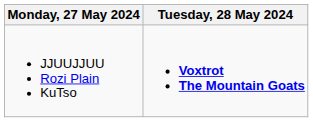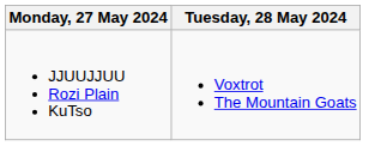 <table class="wikitable">
 <tr>
 <th>Monday, 27 May 2024</th>
 <th>Tuesday, 28 May 2024</th>
 </tr>
 <tr>
 <td><br><ul><li>JJUUJJUU</li><li><a href='#'>Rozi Plain</a></li><li>KuTso</li></ul></td>
-<td><strong><br><ul><li><a href='#'>Voxtrot</a></li><li><a href='#'>The Mountain Goats</a></li></ul></strong></td>
+<td><br><ul><li><a href='#'>Voxtrot</a></li><li><a href='#'>The Mountain Goats</a></li></ul></td>
 </tr>
 </table>
